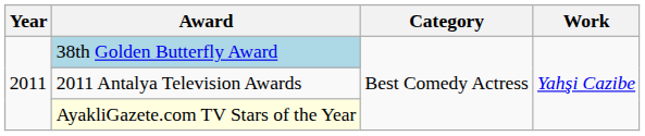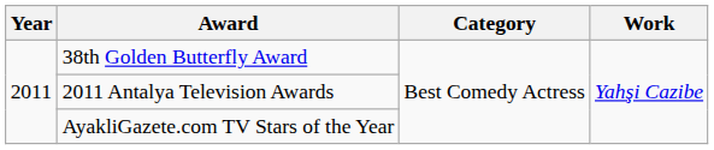 <table class="wikitable" style="font-size: 95%;">
 <tr>
 <th>Year</th>
 <th>Award</th>
 <th>Category</th>
 <th>Work</th>
 </tr>
 <tr>
 <td rowspan="3">2011</td>
-<td style="background: lightblue;">38th <a href='#'>Golden Butterfly Award</a></td>
+<td>38th <a href='#'>Golden Butterfly Award</a></td>
 <td rowspan="3">Best Comedy Actress</td>
 <td rowspan="3"><em><a href='#'>Yahşi Cazibe</a></em></td>
 </tr>
 <tr>
 <td>2011 Antalya Television Awards</td>
 </tr>
 <tr>
-<td style="background: lightyellow;">AyakliGazete.com TV Stars of the Year</td>
+<td>AyakliGazete.com TV Stars of the Year</td>
 </tr>
 </table>
